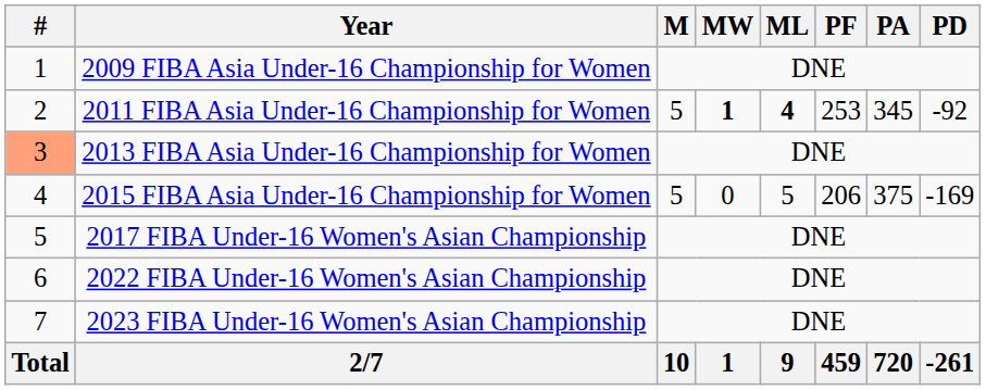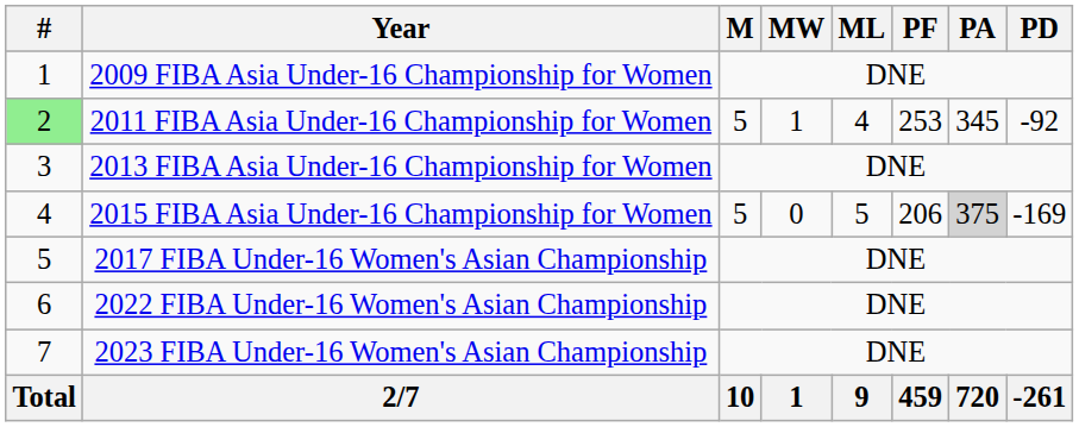 <table class="wikitable sortable" style="text-align:center">
 <tr>
 <th>#</th>
 <th>Year</th>
 <th>M</th>
 <th>MW</th>
 <th>ML</th>
 <th>PF</th>
 <th>PA</th>
 <th>PD</th>
 </tr>
 <tr>
 <td>1</td>
 <td><a href='#'>2009 FIBA Asia Under-16 Championship for Women</a></td>
 <td colspan=6>DNE</td>
 </tr>
 <tr>
-<td>2</td>
+<td style="background: lightgreen;">2</td>
 <td><a href='#'>2011 FIBA Asia Under-16 Championship for Women</a></td>
 <td>5</td>
-<td><strong>1</strong></td>
-<td><strong>4</strong></td>
+<td>1</td>
+<td>4</td>
 <td>253</td>
 <td>345</td>
 <td>-92</td>
 </tr>
 <tr>
-<td style="background: lightsalmon;">3</td>
+<td>3</td>
 <td><a href='#'>2013 FIBA Asia Under-16 Championship for Women</a></td>
 <td colspan=6>DNE</td>
 </tr>
 <tr>
 <td>4</td>
 <td><a href='#'>2015 FIBA Asia Under-16 Championship for Women</a></td>
 <td>5</td>
 <td>0</td>
 <td>5</td>
 <td>206</td>
-<td>375</td>
+<td style="background: lightgrey;">375</td>
 <td>-169</td>
 </tr>
 <tr>
 <td>5</td>
 <td><a href='#'>2017 FIBA Under-16 Women's Asian Championship</a></td>
 <td colspan=6>DNE</td>
 </tr>
 <tr>
 <td>6</td>
 <td><a href='#'>2022 FIBA Under-16 Women's Asian Championship</a></td>
 <td colspan=6>DNE</td>
 </tr>
 <tr>
 <td>7</td>
 <td><a href='#'>2023 FIBA Under-16 Women's Asian Championship</a></td>
 <td colspan=6>DNE</td>
 </tr>
 <tr>
 <th><strong>Total</strong></th>
 <th>2/7</th>
 <th>10</th>
 <th>1</th>
 <th>9</th>
 <th>459</th>
 <th>720</th>
 <th>-261</th>
 </tr>
 </table>
